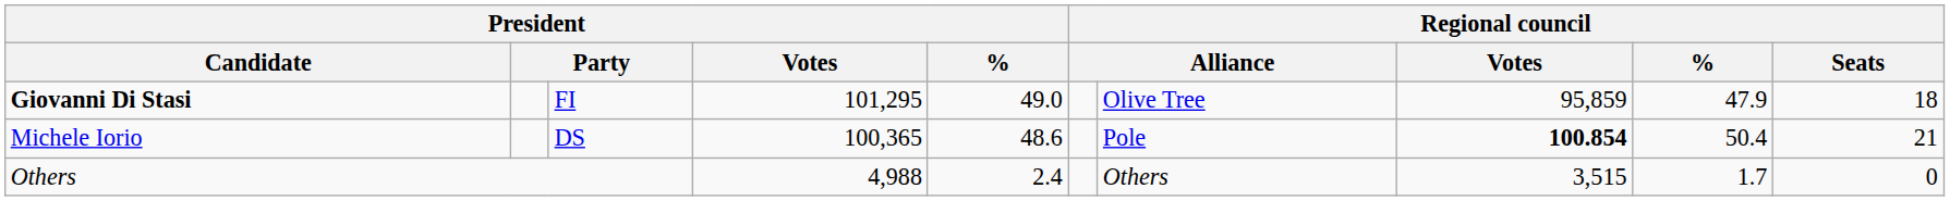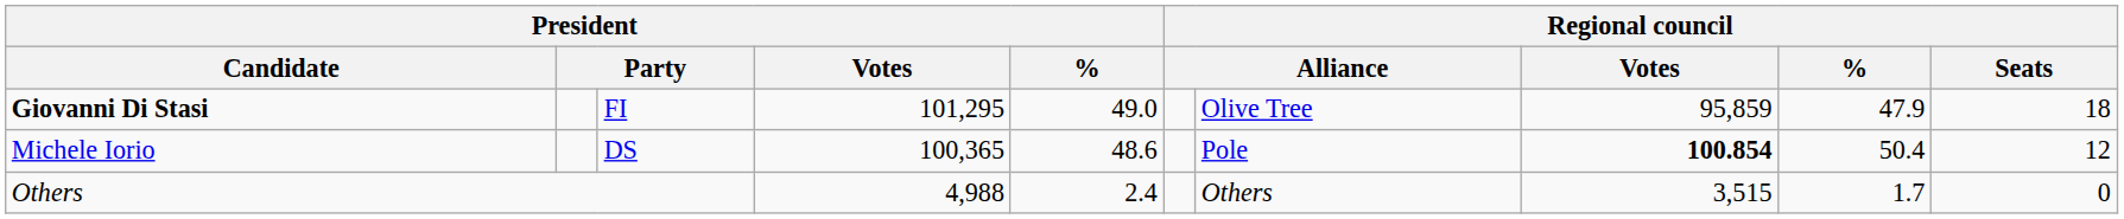 <table class="wikitable" style="text-align:right; style="width=65%">
 <tr>
 <th colspan="5">President</th>
 <th colspan="7">Regional council</th>
 </tr>
 <tr>
 <th>Candidate</th>
 <th colspan="2">Party</th>
 <th>Votes</th>
 <th>%</th>
 <th colspan="2">Alliance</th>
 <th>Votes</th>
 <th>%</th>
 <th>Seats</th>
 </tr>
 <tr>
 <td style="text-align:left"><strong>Giovanni Di Stasi</strong></td>
 <td></td>
 <td style="text-align:left"><a href='#'>FI</a></td>
 <td>101,295</td>
 <td>49.0</td>
 <td></td>
 <td style="text-align:left"><a href='#'>Olive Tree</a></td>
 <td>95,859</td>
 <td>47.9</td>
 <td>18</td>
 </tr>
 <tr>
 <td style="text-align:left"><a href='#'>Michele Iorio</a></td>
 <td></td>
 <td style="text-align:left"><a href='#'>DS</a></td>
 <td>100,365</td>
 <td>48.6</td>
 <td></td>
 <td style="text-align:left"><a href='#'>Pole</a></td>
 <td><strong>100.854</strong></td>
 <td>50.4</td>
-<td>21</td>
+<td>12</td>
 </tr>
 <tr>
 <td colspan="3" style="text-align:left"><em>Others</em></td>
 <td>4,988</td>
 <td>2.4</td>
 <td></td>
 <td style="text-align:left"><em>Others</em></td>
 <td>3,515</td>
 <td>1.7</td>
 <td>0</td>
 </tr>
 </table>
